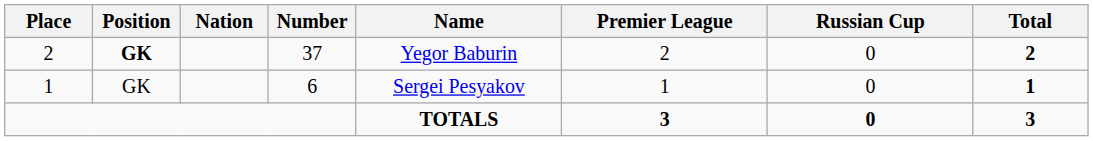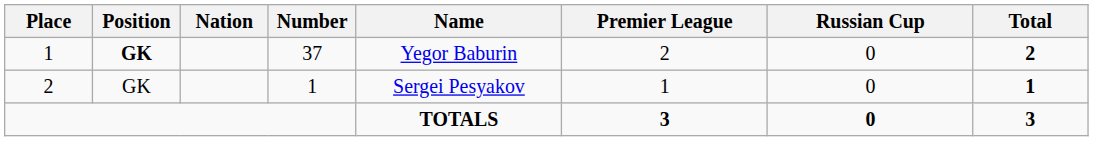 <table class="wikitable" style="font-size: 95%; text-align: center;">
 <tr>
 <th width=60>Place</th>
 <th width=60>Position</th>
 <th width=60>Nation</th>
 <th width=60>Number</th>
 <th width=150>Name</th>
 <th width=150>Premier League</th>
 <th width=150>Russian Cup</th>
 <th width=80><strong>Total</strong></th>
 </tr>
 <tr>
-<td>2</td>
+<td>1</td>
 <td><strong>GK</strong></td>
 <td></td>
 <td>37</td>
 <td><a href='#'>Yegor Baburin</a></td>
 <td>2</td>
 <td>0</td>
 <td><strong>2</strong></td>
 </tr>
 <tr>
-<td>1</td>
+<td>2</td>
 <td>GK</td>
 <td></td>
-<td>6</td>
+<td>1</td>
 <td><a href='#'>Sergei Pesyakov</a></td>
 <td>1</td>
 <td>0</td>
 <td><strong>1</strong></td>
 </tr>
 <tr>
 <td colspan="4"></td>
 <td><strong>TOTALS</strong></td>
 <td><strong>3</strong></td>
 <td><strong>0</strong></td>
 <td><strong>3</strong></td>
 </tr>
 </table>
